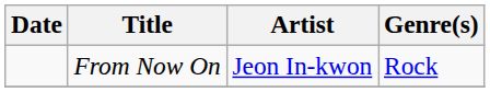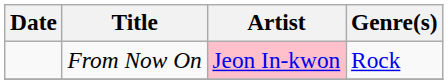 <table class="wikitable" style="text-align: left;">
 <tr>
 <th>Date</th>
 <th>Title</th>
 <th>Artist</th>
 <th>Genre(s)</th>
 </tr>
 <tr>
 <td></td>
 <td><em>From Now On</em></td>
-<td><a href='#'>Jeon In-kwon</a></td>
+<td style="background: pink;"><a href='#'>Jeon In-kwon</a></td>
 <td><a href='#'>Rock</a></td>
 </tr>
 <tr>
 </tr>
 </table>
